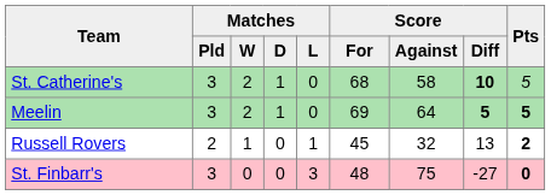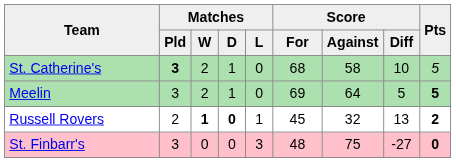 <table style=border-collapse:collapse border=1 cellspacing=0 cellpadding=5>
 <tr align=center bgcolor=#efefef>
 <th rowspan=2 width=165>Team</th>
 <th colspan=4>Matches</th>
 <th colspan=3>Score</th>
 <th rowspan=2width=20>Pts</th>
 </tr>
 <tr align=center bgcolor=#efefef>
 <th width=20>Pld</th>
 <th width=20>W</th>
 <th width=20>D</th>
 <th width=20>L</th>
 <th width=45>For</th>
 <th width=45>Against</th>
 <th width=30>Diff</th>
 </tr>
 <tr align=center style="background:#ACE1AF;">
 <td style="text-align:left;"><a href='#'>St. Catherine's</a></td>
-<td>3</td>
+<td><strong>3</strong></td>
 <td>2</td>
 <td>1</td>
 <td>0</td>
 <td>68</td>
 <td>58</td>
-<td><strong>10</strong></td>
+<td>10</td>
 <td><em>5</em></td>
 </tr>
 <tr align=center style="background:#ACE1AF;">
 <td style="text-align:left;"><a href='#'>Meelin</a></td>
 <td>3</td>
 <td>2</td>
 <td>1</td>
 <td>0</td>
 <td>69</td>
 <td>64</td>
-<td><strong>5</strong></td>
+<td>5</td>
 <td><strong>5</strong></td>
 </tr>
 <tr align=center>
 <td style="text-align:left;"><a href='#'>Russell Rovers</a></td>
 <td>2</td>
-<td>1</td>
-<td>0</td>
+<td><strong>1</strong></td>
+<td><strong>0</strong></td>
 <td>1</td>
 <td>45</td>
 <td>32</td>
 <td>13</td>
 <td><strong>2</strong></td>
 </tr>
 <tr align=center style="background:#FFC0CB;">
 <td style="text-align:left;"><a href='#'>St. Finbarr's</a></td>
 <td>3</td>
 <td>0</td>
 <td>0</td>
 <td>3</td>
 <td>48</td>
 <td>75</td>
 <td>-27</td>
 <td><strong>0</strong></td>
 </tr>
 </table>
